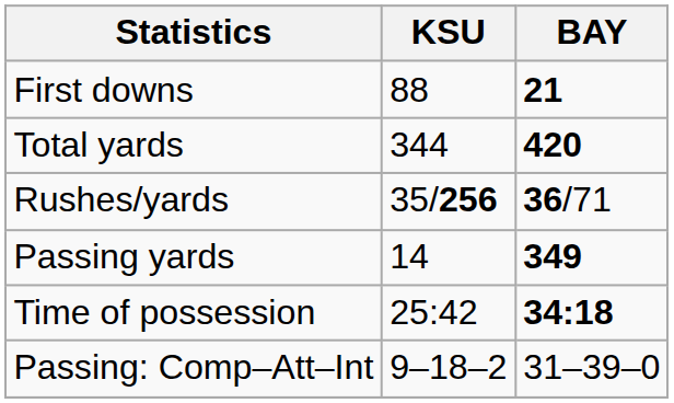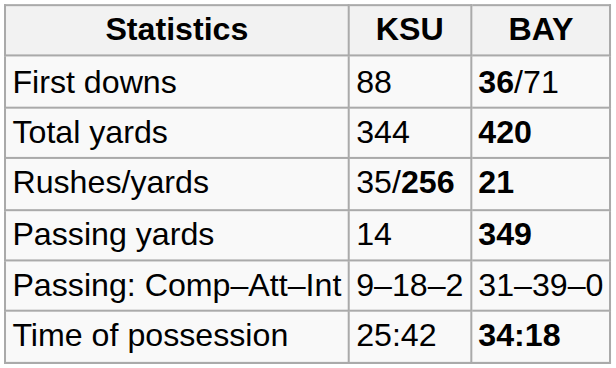 <table class="wikitable" style="float: left;">
 <tr>
 <th>Statistics</th>
 <th>KSU</th>
 <th>BAY</th>
 </tr>
 <tr>
 <td>First downs</td>
 <td>88</td>
-<td><strong>21</strong></td>
+<td><strong>36</strong>/71</td>
 </tr>
 <tr>
 <td>Total yards</td>
 <td>344</td>
 <td><strong>420</strong></td>
 </tr>
 <tr>
 <td>Rushes/yards</td>
 <td>35/<strong>256</strong></td>
-<td><strong>36</strong>/71</td>
+<td><strong>21</strong></td>
 </tr>
 <tr>
 <td>Passing yards</td>
 <td>14</td>
 <td><strong>349</strong></td>
 </tr>
 <tr>
+<td>Passing: Comp–Att–Int</td>
+<td>9–18–2</td>
+<td>31–39–0</td>
+</tr>
+<tr>
 <td>Time of possession</td>
 <td>25:42</td>
 <td><strong>34:18</strong></td>
 </tr>
 <tr>
-<td>Passing: Comp–Att–Int</td>
-<td>9–18–2</td>
-<td>31–39–0</td>
-</tr>
-<tr>
 </tr>
 </table>
